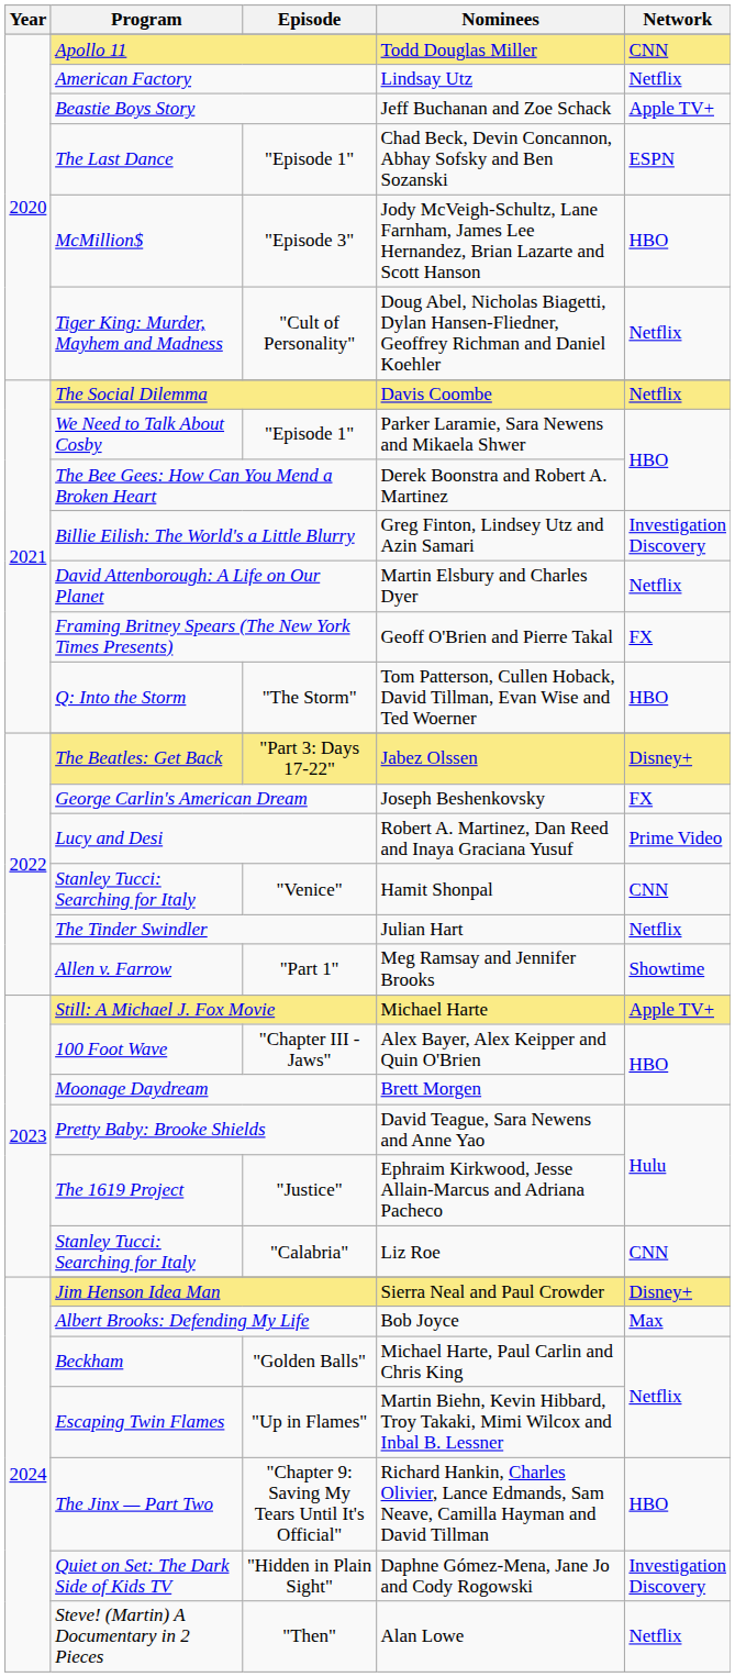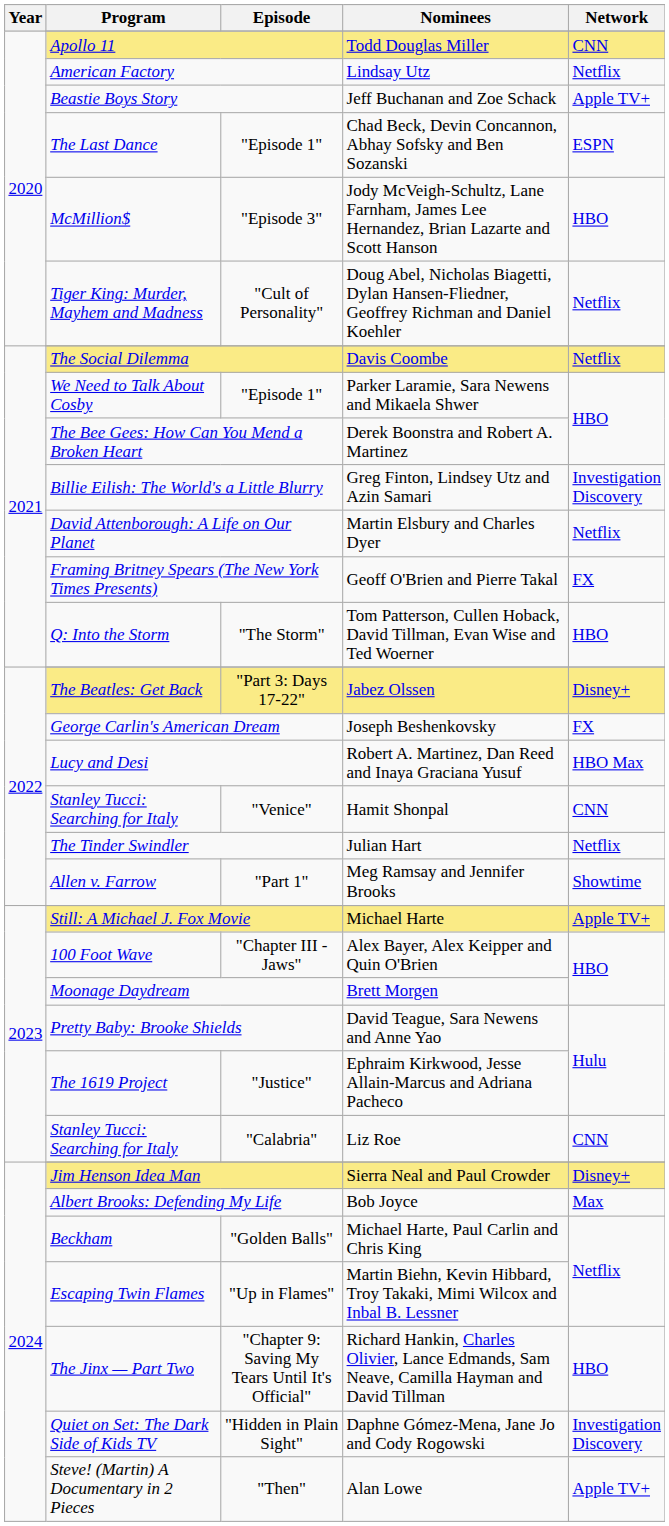 <table class="wikitable" style="width:100%">
 <tr style="background:#bebebe;">
 <th width="5%">Year</th>
 <th width="30%">Program</th>
 <th width="20%">Episode</th>
 <th width="40%">Nominees</th>
 <th width="5%">Network</th>
 </tr>
 <tr>
 <td rowspan=7 style="text-align:center;"><a href='#'>2020</a><br></td>
 </tr>
 <tr style="background:#FAEB86;">
 <td colspan=2><em><a href='#'>Apollo 11</a></em></td>
 <td><a href='#'>Todd Douglas Miller</a></td>
 <td><a href='#'>CNN</a></td>
 </tr>
 <tr>
 <td colspan=2><em><a href='#'>American Factory</a></em></td>
 <td><a href='#'>Lindsay Utz</a></td>
 <td><a href='#'>Netflix</a></td>
 </tr>
 <tr>
 <td colspan=2><em><a href='#'>Beastie Boys Story</a></em></td>
 <td>Jeff Buchanan and Zoe Schack</td>
 <td><a href='#'>Apple TV+</a></td>
 </tr>
 <tr>
 <td><em><a href='#'>The Last Dance</a></em></td>
 <td align=center>"Episode 1"</td>
 <td>Chad Beck, Devin Concannon, Abhay Sofsky and Ben Sozanski</td>
 <td><a href='#'>ESPN</a></td>
 </tr>
 <tr>
 <td><em><a href='#'>McMillion$</a></em></td>
 <td align=center>"Episode 3"</td>
 <td>Jody McVeigh-Schultz, Lane Farnham, James Lee Hernandez, Brian Lazarte and Scott Hanson</td>
 <td><a href='#'>HBO</a></td>
 </tr>
 <tr>
 <td><em><a href='#'>Tiger King: Murder, Mayhem and Madness</a></em></td>
 <td align=center>"Cult of Personality"</td>
 <td>Doug Abel, Nicholas Biagetti, Dylan Hansen-Fliedner, Geoffrey Richman and Daniel Koehler</td>
 <td><a href='#'>Netflix</a></td>
 </tr>
 <tr>
 <td rowspan=8 style="text-align:center;"><a href='#'>2021</a><br></td>
 </tr>
 <tr style="background:#FAEB86;">
 <td colspan="2"><em><a href='#'>The Social Dilemma</a></em></td>
 <td><a href='#'>Davis Coombe</a></td>
 <td><a href='#'>Netflix</a></td>
 </tr>
 <tr>
 <td><em><a href='#'>We Need to Talk About Cosby</a></em></td>
 <td align=center>"Episode 1"</td>
 <td>Parker Laramie, Sara Newens and Mikaela Shwer</td>
 <td rowspan="2"><a href='#'>HBO</a></td>
 </tr>
 <tr>
 <td colspan=2><em><a href='#'>The Bee Gees: How Can You Mend a Broken Heart</a></em></td>
 <td>Derek Boonstra and Robert A. Martinez</td>
 </tr>
 <tr>
 <td colspan=2><em><a href='#'>Billie Eilish: The World's a Little Blurry</a></em></td>
 <td>Greg Finton, Lindsey Utz and Azin Samari</td>
 <td><a href='#'>Investigation Discovery</a></td>
 </tr>
 <tr>
 <td colspan="2"><em><a href='#'>David Attenborough: A Life on Our Planet</a></em></td>
 <td>Martin Elsbury and Charles Dyer</td>
 <td><a href='#'>Netflix</a></td>
 </tr>
 <tr>
 <td colspan="2"><em><a href='#'>Framing Britney Spears (The New York Times Presents)</a></em></td>
 <td>Geoff O'Brien and Pierre Takal</td>
 <td><a href='#'>FX</a></td>
 </tr>
 <tr>
 <td><em><a href='#'>Q: Into the Storm</a></em></td>
 <td align=center>"The Storm"</td>
 <td>Tom Patterson, Cullen Hoback, David Tillman, Evan Wise and Ted Woerner</td>
 <td><a href='#'>HBO</a></td>
 </tr>
 <tr>
 <td rowspan=7 style="text-align:center;"><a href='#'>2022</a><br></td>
 </tr>
 <tr style="background:#FAEB86;">
 <td><em><a href='#'>The Beatles: Get Back</a></em></td>
 <td align=center>"Part 3: Days 17-22"</td>
 <td><a href='#'>Jabez Olssen</a></td>
 <td><a href='#'>Disney+</a></td>
 </tr>
 <tr>
 <td colspan=2><em><a href='#'>George Carlin's American Dream</a></em></td>
 <td>Joseph Beshenkovsky</td>
 <td><a href='#'>FX</a></td>
 </tr>
 <tr>
 <td colspan=2><em><a href='#'>Lucy and Desi</a></em></td>
 <td>Robert A. Martinez, Dan Reed and Inaya Graciana Yusuf</td>
-<td><a href='#'>Prime Video</a></td>
+<td><a href='#'>HBO Max</a></td>
 </tr>
 <tr>
 <td><em><a href='#'>Stanley Tucci: Searching for Italy</a></em></td>
 <td align=center>"Venice"</td>
 <td>Hamit Shonpal</td>
 <td><a href='#'>CNN</a></td>
 </tr>
 <tr>
 <td colspan="2"><em><a href='#'>The Tinder Swindler</a></em></td>
 <td>Julian Hart</td>
 <td><a href='#'>Netflix</a></td>
 </tr>
 <tr>
 <td><em><a href='#'>Allen v. Farrow</a></em></td>
 <td align=center>"Part 1"</td>
 <td>Meg Ramsay and Jennifer Brooks</td>
 <td><a href='#'>Showtime</a></td>
 </tr>
 <tr>
 <td rowspan=7 style="text-align:center;"><a href='#'>2023</a><br></td>
 </tr>
 <tr style="background:#FAEB86;">
 <td colspan="2"><em><a href='#'>Still: A Michael J. Fox Movie</a></em></td>
 <td>Michael Harte</td>
 <td><a href='#'>Apple TV+</a></td>
 </tr>
 <tr>
 <td><em><a href='#'>100 Foot Wave</a></em></td>
 <td align=center>"Chapter III - Jaws"</td>
 <td>Alex Bayer, Alex Keipper and Quin O'Brien</td>
 <td rowspan="2"><a href='#'>HBO</a></td>
 </tr>
 <tr>
 <td colspan=2><em><a href='#'>Moonage Daydream</a></em></td>
 <td><a href='#'>Brett Morgen</a></td>
 </tr>
 <tr>
 <td colspan=2><em><a href='#'>Pretty Baby: Brooke Shields</a></em></td>
 <td>David Teague, Sara Newens and Anne Yao</td>
 <td rowspan="2"><a href='#'>Hulu</a></td>
 </tr>
 <tr>
 <td><em><a href='#'>The 1619 Project</a></em></td>
 <td align=center>"Justice"</td>
 <td>Ephraim Kirkwood, Jesse Allain-Marcus and Adriana Pacheco</td>
 </tr>
 <tr>
 <td><em><a href='#'>Stanley Tucci: Searching for Italy</a></em></td>
 <td align=center>"Calabria"</td>
 <td>Liz Roe</td>
 <td><a href='#'>CNN</a></td>
 </tr>
 <tr>
 <td rowspan=8 style="text-align:center;"><a href='#'>2024</a><br></td>
 </tr>
 <tr style="background:#FAEB86;">
 <td colspan=2><em><a href='#'>Jim Henson Idea Man</a></em></td>
 <td>Sierra Neal and Paul Crowder</td>
 <td><a href='#'>Disney+</a></td>
 </tr>
 <tr>
 <td colspan="2"><em><a href='#'>Albert Brooks: Defending My Life</a></em></td>
 <td>Bob Joyce</td>
 <td><a href='#'>Max</a></td>
 </tr>
 <tr>
 <td><em><a href='#'>Beckham</a></em></td>
 <td align=center>"Golden Balls"</td>
 <td>Michael Harte, Paul Carlin and Chris King</td>
 <td rowspan="2"><a href='#'>Netflix</a></td>
 </tr>
 <tr>
 <td><em><a href='#'>Escaping Twin Flames</a></em></td>
 <td align=center>"Up in Flames"</td>
 <td>Martin Biehn, Kevin Hibbard, Troy Takaki, Mimi Wilcox and <a href='#'>Inbal B. Lessner</a></td>
 </tr>
 <tr>
 <td><em><a href='#'>The Jinx — Part Two</a></em></td>
 <td align=center>"Chapter 9: Saving My Tears Until It's Official"</td>
 <td>Richard Hankin, <a href='#'>Charles Olivier</a>, Lance Edmands, Sam Neave, Camilla Hayman and David Tillman</td>
 <td><a href='#'>HBO</a></td>
 </tr>
 <tr>
 <td><em><a href='#'>Quiet on Set: The Dark Side of Kids TV</a></em></td>
 <td align=center>"Hidden in Plain Sight"</td>
 <td>Daphne Gómez-Mena, Jane Jo and Cody Rogowski</td>
 <td><a href='#'>Investigation Discovery</a></td>
 </tr>
 <tr>
 <td><em>Steve! (Martin) A Documentary in 2 Pieces</em></td>
 <td align=center>"Then"</td>
 <td>Alan Lowe</td>
-<td><a href='#'>Netflix</a></td>
+<td><a href='#'>Apple TV+</a></td>
 </tr>
 </table>
